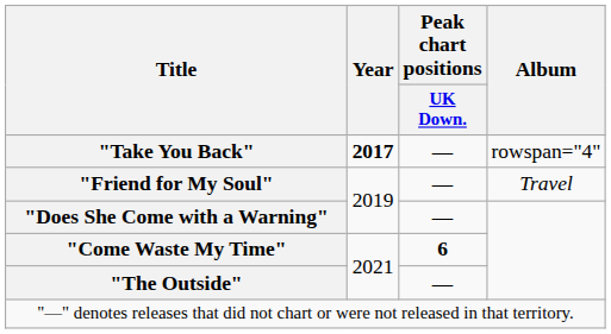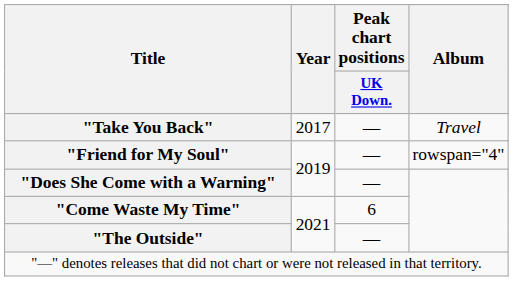 <table class="wikitable plainrowheaders" style="text-align:center;" border="1">
 <tr>
 <th scope="col" rowspan="2" style="width:16em;">Title</th>
 <th scope="col" rowspan="2" style="width:1em;">Year</th>
 <th scope="col">Peak chart positions</th>
 <th scope="col" rowspan="2">Album</th>
 </tr>
 <tr>
 <th scope="col" style="width:3em;font-size:85%;"><a href='#'>UK<br>Down.</a><br></th>
 </tr>
 <tr>
 <th scope="row">"Take You Back"</th>
-<td><strong>2017</strong></td>
+<td>2017</td>
 <td>—</td>
-<td>rowspan="4" </td>
+<td><em>Travel</em></td>
 </tr>
 <tr>
 <th scope="row">"Friend for My Soul"</th>
 <td rowspan="2">2019</td>
 <td>—</td>
-<td><em>Travel</em></td>
+<td>rowspan="4" </td>
 </tr>
 <tr>
 <th scope="row">"Does She Come with a Warning"</th>
 <td>—</td>
 </tr>
 <tr>
 <th scope="row">"Come Waste My Time"</th>
 <td rowspan="2">2021</td>
-<td><strong>6</strong></td>
+<td>6</td>
 </tr>
 <tr>
 <th scope="row">"The Outside"</th>
 <td>—</td>
 </tr>
 <tr>
 <td style="font-size:85%;" colspan="22">"—" denotes releases that did not chart or were not released in that territory.</td>
 </tr>
 </table>
